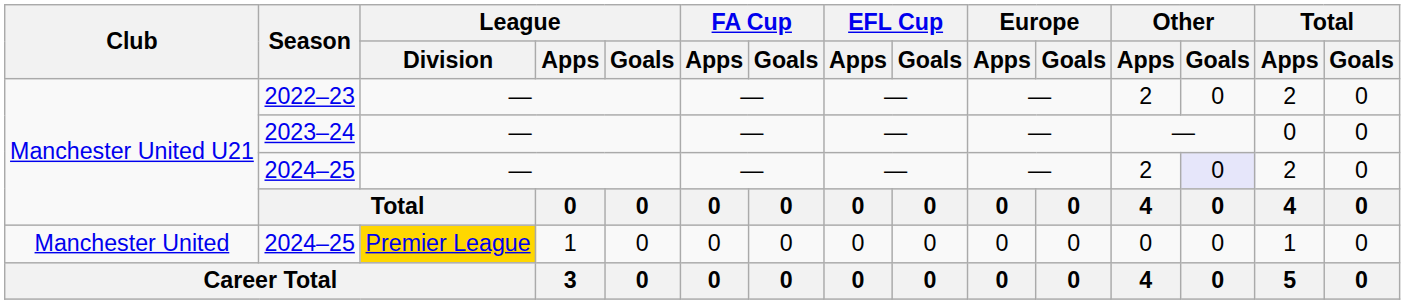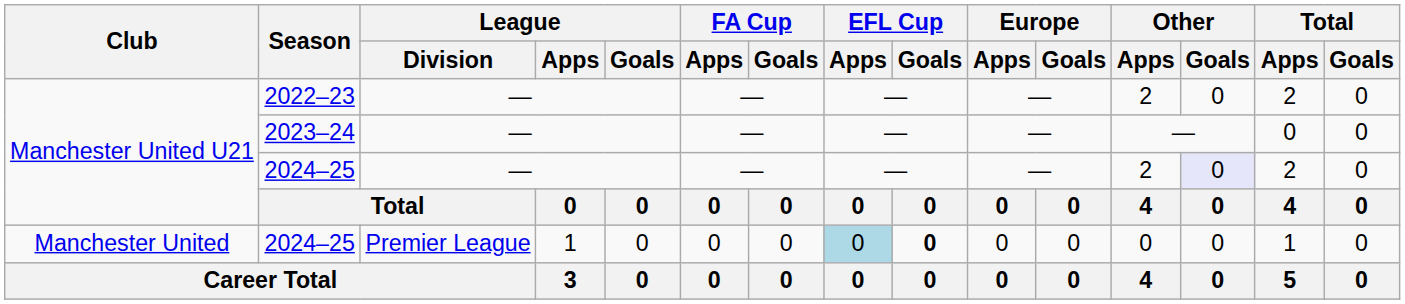 <table class="wikitable" style="text-align: center;">
 <tr>
 <th rowspan="2">Club</th>
 <th rowspan="2">Season</th>
 <th colspan="3">League</th>
 <th colspan="2"><a href='#'>FA Cup</a></th>
 <th colspan="2"><a href='#'>EFL Cup</a></th>
 <th colspan="2">Europe</th>
 <th colspan="2">Other</th>
 <th colspan="2">Total</th>
 </tr>
 <tr>
 <th>Division</th>
 <th>Apps</th>
 <th>Goals</th>
 <th>Apps</th>
 <th>Goals</th>
 <th>Apps</th>
 <th>Goals</th>
 <th>Apps</th>
 <th>Goals</th>
 <th>Apps</th>
 <th>Goals</th>
 <th>Apps</th>
 <th>Goals</th>
 </tr>
 <tr>
 <td rowspan="4"><a href='#'>Manchester United U21</a></td>
 <td><a href='#'>2022–23</a></td>
 <td colspan="3">—</td>
 <td colspan="2">—</td>
 <td colspan="2">—</td>
 <td colspan="2">—</td>
 <td>2</td>
 <td>0</td>
 <td>2</td>
 <td>0</td>
 </tr>
 <tr>
 <td><a href='#'>2023–24</a></td>
 <td colspan="3">—</td>
 <td colspan="2">—</td>
 <td colspan="2">—</td>
 <td colspan="2">—</td>
 <td colspan="2">—</td>
 <td>0</td>
 <td>0</td>
 </tr>
 <tr>
 <td><a href='#'>2024–25</a></td>
 <td colspan="3">—</td>
 <td colspan="2">—</td>
 <td colspan="2">—</td>
 <td colspan="2">—</td>
 <td>2</td>
 <td style="background: lavender;">0</td>
 <td>2</td>
 <td>0</td>
 </tr>
 <tr>
 <th colspan="2">Total</th>
 <th>0</th>
 <th>0</th>
 <th>0</th>
 <th>0</th>
 <th>0</th>
 <th>0</th>
 <th>0</th>
 <th>0</th>
 <th>4</th>
 <th>0</th>
 <th>4</th>
 <th>0</th>
 </tr>
 <tr>
 <td><a href='#'>Manchester United</a></td>
 <td><a href='#'>2024–25</a></td>
-<td style="background: gold;"><a href='#'>Premier League</a></td>
+<td><a href='#'>Premier League</a></td>
 <td>1</td>
 <td>0</td>
 <td>0</td>
 <td>0</td>
-<td>0</td>
-<td>0</td>
+<td style="background: lightblue;">0</td>
+<td><strong>0</strong></td>
 <td>0</td>
 <td>0</td>
 <td>0</td>
 <td>0</td>
 <td>1</td>
 <td>0</td>
 </tr>
 <tr>
 <th colspan="3">Career Total</th>
 <th>3</th>
 <th>0</th>
 <th>0</th>
 <th>0</th>
 <th>0</th>
 <th>0</th>
 <th>0</th>
 <th>0</th>
 <th>4</th>
 <th>0</th>
 <th>5</th>
 <th>0</th>
 </tr>
 </table>
